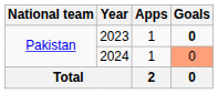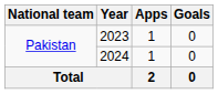 <table class="wikitable" style="text-align:center">
 <tr>
 <th>National team</th>
 <th>Year</th>
 <th>Apps</th>
 <th>Goals</th>
 </tr>
 <tr>
 <td rowspan="2"><a href='#'>Pakistan</a></td>
 <td>2023</td>
 <td>1</td>
-<td><strong>0</strong></td>
+<td>0</td>
 </tr>
 <tr>
 <td>2024</td>
 <td>1</td>
-<td style="background: lightsalmon;">0</td>
+<td>0</td>
 </tr>
 <tr>
 <th colspan="2">Total</th>
 <th>2</th>
 <th>0</th>
 </tr>
 </table>
